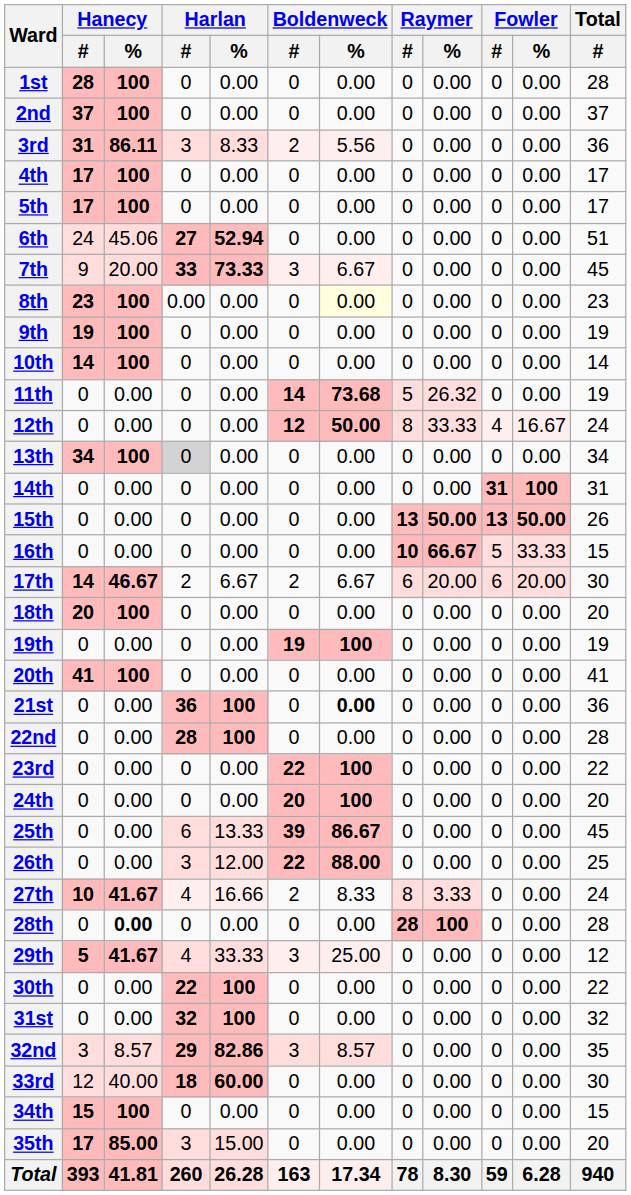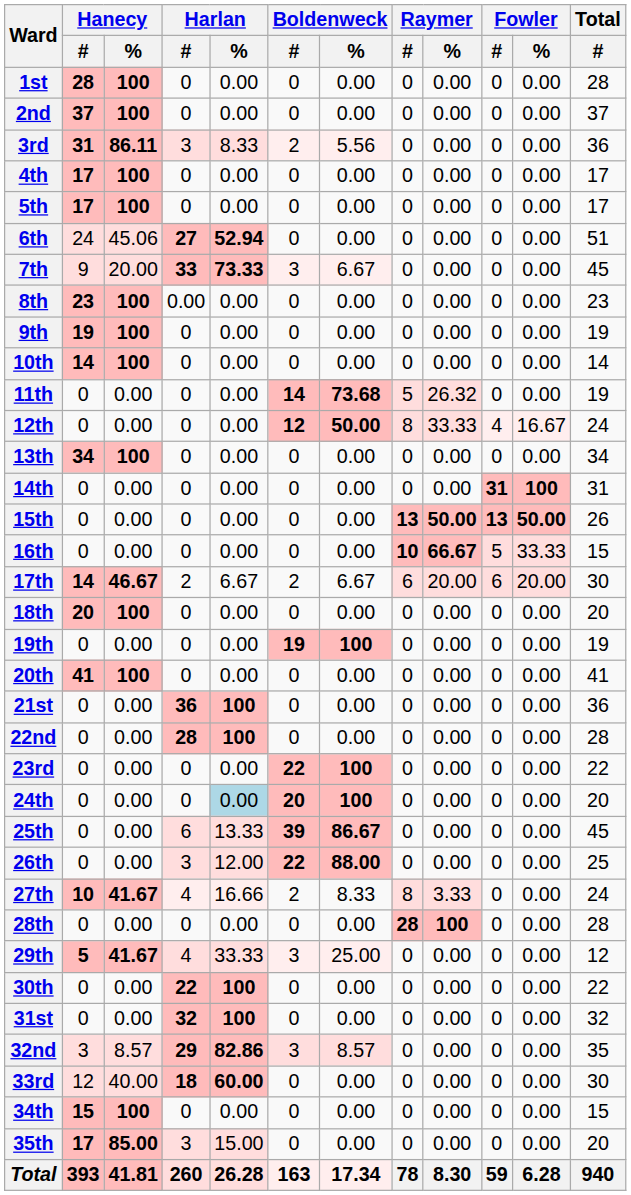 <table class="wikitable mw-collapsible mw-collapsed" style="text-align: center">
 <tr>
 <th rowspan=2>Ward</th>
 <th colspan=2><a href='#'>Hanecy</a></th>
 <th colspan=2><a href='#'>Harlan</a></th>
 <th colspan=2><a href='#'>Boldenweck</a></th>
 <th colspan=2><a href='#'>Raymer</a></th>
 <th colspan=2><a href='#'>Fowler</a></th>
 <th>Total</th>
 </tr>
 <tr>
 <th>#</th>
 <th>%</th>
 <th>#</th>
 <th>%</th>
 <th>#</th>
 <th>%</th>
 <th>#</th>
 <th>%</th>
 <th>#</th>
 <th>%</th>
 <th>#</th>
 </tr>
 <tr>
 <th><a href='#'>1st</a></th>
 <td style="background:#fbb;"><strong>28</strong></td>
 <td style="background:#fbb;"><strong>100</strong></td>
 <td>0</td>
 <td>0.00</td>
 <td>0</td>
 <td>0.00</td>
 <td>0</td>
 <td>0.00</td>
 <td>0</td>
 <td>0.00</td>
 <td>28</td>
 </tr>
 <tr>
 <th><a href='#'>2nd</a></th>
 <td style="background:#fbb;"><strong>37</strong></td>
 <td style="background:#fbb;"><strong>100</strong></td>
 <td>0</td>
 <td>0.00</td>
 <td>0</td>
 <td>0.00</td>
 <td>0</td>
 <td>0.00</td>
 <td>0</td>
 <td>0.00</td>
 <td>37</td>
 </tr>
 <tr>
 <th><a href='#'>3rd</a></th>
 <td style="background:#fbb;"><strong>31</strong></td>
 <td style="background:#fbb;"><strong>86.11</strong></td>
 <td style="background:#fdd;">3</td>
 <td style="background:#fdd;">8.33</td>
 <td style="background:#fee;">2</td>
 <td style="background:#fee;">5.56</td>
 <td>0</td>
 <td>0.00</td>
 <td>0</td>
 <td>0.00</td>
 <td>36</td>
 </tr>
 <tr>
 <th><a href='#'>4th</a></th>
 <td style="background:#fbb;"><strong>17</strong></td>
 <td style="background:#fbb;"><strong>100</strong></td>
 <td>0</td>
 <td>0.00</td>
 <td>0</td>
 <td>0.00</td>
 <td>0</td>
 <td>0.00</td>
 <td>0</td>
 <td>0.00</td>
 <td>17</td>
 </tr>
 <tr>
 <th><a href='#'>5th</a></th>
 <td style="background:#fbb;"><strong>17</strong></td>
 <td style="background:#fbb;"><strong>100</strong></td>
 <td>0</td>
 <td>0.00</td>
 <td>0</td>
 <td>0.00</td>
 <td>0</td>
 <td>0.00</td>
 <td>0</td>
 <td>0.00</td>
 <td>17</td>
 </tr>
 <tr>
 <th><a href='#'>6th</a></th>
 <td style="background:#fdd;">24</td>
 <td style="background:#fdd;">45.06</td>
 <td style="background:#fbb;"><strong>27</strong></td>
 <td style="background:#fbb;"><strong>52.94</strong></td>
 <td>0</td>
 <td>0.00</td>
 <td>0</td>
 <td>0.00</td>
 <td>0</td>
 <td>0.00</td>
 <td>51</td>
 </tr>
 <tr>
 <th><a href='#'>7th</a></th>
 <td style="background:#fdd;">9</td>
 <td style="background:#fdd;">20.00</td>
 <td style="background:#fbb;"><strong>33</strong></td>
 <td style="background:#fbb;"><strong>73.33</strong></td>
 <td style="background:#fee;">3</td>
 <td style="background:#fee;">6.67</td>
 <td>0</td>
 <td>0.00</td>
 <td>0</td>
 <td>0.00</td>
 <td>45</td>
 </tr>
 <tr>
 <th><a href='#'>8th</a></th>
 <td style="background:#fbb;"><strong>23</strong></td>
 <td style="background:#fbb;"><strong>100</strong></td>
 <td>0.00</td>
 <td>0.00</td>
 <td>0</td>
-<td style="background: lightyellow;">0.00</td>
+<td>0.00</td>
 <td>0</td>
 <td>0.00</td>
 <td>0</td>
 <td>0.00</td>
 <td>23</td>
 </tr>
 <tr>
 <th><a href='#'>9th</a></th>
 <td style="background:#fbb;"><strong>19</strong></td>
 <td style="background:#fbb;"><strong>100</strong></td>
 <td>0</td>
 <td>0.00</td>
 <td>0</td>
 <td>0.00</td>
 <td>0</td>
 <td>0.00</td>
 <td>0</td>
 <td>0.00</td>
 <td>19</td>
 </tr>
 <tr>
 <th><a href='#'>10th</a></th>
 <td style="background:#fbb;"><strong>14</strong></td>
 <td style="background:#fbb;"><strong>100</strong></td>
 <td>0</td>
 <td>0.00</td>
 <td>0</td>
 <td>0.00</td>
 <td>0</td>
 <td>0.00</td>
 <td>0</td>
 <td>0.00</td>
 <td>14</td>
 </tr>
 <tr>
 <th><a href='#'>11th</a></th>
 <td>0</td>
 <td>0.00</td>
 <td>0</td>
 <td>0.00</td>
 <td style="background:#fbb;"><strong>14</strong></td>
 <td style="background:#fbb;"><strong>73.68</strong></td>
 <td style="background:#fdd;">5</td>
 <td style="background:#fdd;">26.32</td>
 <td>0</td>
 <td>0.00</td>
 <td>19</td>
 </tr>
 <tr>
 <th><a href='#'>12th</a></th>
 <td>0</td>
 <td>0.00</td>
 <td>0</td>
 <td>0.00</td>
 <td style="background:#fbb;"><strong>12</strong></td>
 <td style="background:#fbb;"><strong>50.00</strong></td>
 <td style="background:#fdd;">8</td>
 <td style="background:#fdd;">33.33</td>
 <td style="background:#fee;">4</td>
 <td style="background:#fee;">16.67</td>
 <td>24</td>
 </tr>
 <tr>
 <th><a href='#'>13th</a></th>
 <td style="background:#fbb;"><strong>34</strong></td>
 <td style="background:#fbb;"><strong>100</strong></td>
-<td style="background: lightgrey;">0</td>
+<td>0</td>
 <td>0.00</td>
 <td>0</td>
 <td>0.00</td>
 <td>0</td>
 <td>0.00</td>
 <td>0</td>
 <td>0.00</td>
 <td>34</td>
 </tr>
 <tr>
 <th><a href='#'>14th</a></th>
 <td>0</td>
 <td>0.00</td>
 <td>0</td>
 <td>0.00</td>
 <td>0</td>
 <td>0.00</td>
 <td>0</td>
 <td>0.00</td>
 <td style="background:#fbb;"><strong>31</strong></td>
 <td style="background:#fbb;"><strong>100</strong></td>
 <td>31</td>
 </tr>
 <tr>
 <th><a href='#'>15th</a></th>
 <td>0</td>
 <td>0.00</td>
 <td>0</td>
 <td>0.00</td>
 <td>0</td>
 <td>0.00</td>
 <td style="background:#fbb;"><strong>13</strong></td>
 <td style="background:#fbb;"><strong>50.00</strong></td>
 <td style="background:#fbb;"><strong>13</strong></td>
 <td style="background:#fbb;"><strong>50.00</strong></td>
 <td>26</td>
 </tr>
 <tr>
 <th><a href='#'>16th</a></th>
 <td>0</td>
 <td>0.00</td>
 <td>0</td>
 <td>0.00</td>
 <td>0</td>
 <td>0.00</td>
 <td style="background:#fbb;"><strong>10</strong></td>
 <td style="background:#fbb;"><strong>66.67</strong></td>
 <td style="background:#fdd;">5</td>
 <td style="background:#fdd;">33.33</td>
 <td>15</td>
 </tr>
 <tr>
 <th><a href='#'>17th</a></th>
 <td style="background:#fbb;"><strong>14</strong></td>
 <td style="background:#fbb;"><strong>46.67</strong></td>
 <td>2</td>
 <td>6.67</td>
 <td>2</td>
 <td>6.67</td>
 <td style="background:#fdd;">6</td>
 <td style="background:#fdd;">20.00</td>
 <td style="background:#fdd;">6</td>
 <td style="background:#fdd;">20.00</td>
 <td>30</td>
 </tr>
 <tr>
 <th><a href='#'>18th</a></th>
 <td style="background:#fbb;"><strong>20</strong></td>
 <td style="background:#fbb;"><strong>100</strong></td>
 <td>0</td>
 <td>0.00</td>
 <td>0</td>
 <td>0.00</td>
 <td>0</td>
 <td>0.00</td>
 <td>0</td>
 <td>0.00</td>
 <td>20</td>
 </tr>
 <tr>
 <th><a href='#'>19th</a></th>
 <td>0</td>
 <td>0.00</td>
 <td>0</td>
 <td>0.00</td>
 <td style="background:#fbb;"><strong>19</strong></td>
 <td style="background:#fbb;"><strong>100</strong></td>
 <td>0</td>
 <td>0.00</td>
 <td>0</td>
 <td>0.00</td>
 <td>19</td>
 </tr>
 <tr>
 <th><a href='#'>20th</a></th>
 <td style="background:#fbb;"><strong>41</strong></td>
 <td style="background:#fbb;"><strong>100</strong></td>
 <td>0</td>
 <td>0.00</td>
 <td>0</td>
 <td>0.00</td>
 <td>0</td>
 <td>0.00</td>
 <td>0</td>
 <td>0.00</td>
 <td>41</td>
 </tr>
 <tr>
 <th><a href='#'>21st</a></th>
 <td>0</td>
 <td>0.00</td>
 <td style="background:#fbb;"><strong>36</strong></td>
 <td style="background:#fbb;"><strong>100</strong></td>
 <td>0</td>
-<td><strong>0.00</strong></td>
+<td>0.00</td>
 <td>0</td>
 <td>0.00</td>
 <td>0</td>
 <td>0.00</td>
 <td>36</td>
 </tr>
 <tr>
 <th><a href='#'>22nd</a></th>
 <td>0</td>
 <td>0.00</td>
 <td style="background:#fbb;"><strong>28</strong></td>
 <td style="background:#fbb;"><strong>100</strong></td>
 <td>0</td>
 <td>0.00</td>
 <td>0</td>
 <td>0.00</td>
 <td>0</td>
 <td>0.00</td>
 <td>28</td>
 </tr>
 <tr>
 <th><a href='#'>23rd</a></th>
 <td>0</td>
 <td>0.00</td>
 <td>0</td>
 <td>0.00</td>
 <td style="background:#fbb;"><strong>22</strong></td>
 <td style="background:#fbb;"><strong>100</strong></td>
 <td>0</td>
 <td>0.00</td>
 <td>0</td>
 <td>0.00</td>
 <td>22</td>
 </tr>
 <tr>
 <th><a href='#'>24th</a></th>
 <td>0</td>
 <td>0.00</td>
 <td>0</td>
-<td>0.00</td>
+<td style="background: lightblue;">0.00</td>
 <td style="background:#fbb;"><strong>20</strong></td>
 <td style="background:#fbb;"><strong>100</strong></td>
 <td>0</td>
 <td>0.00</td>
 <td>0</td>
 <td>0.00</td>
 <td>20</td>
 </tr>
 <tr>
 <th><a href='#'>25th</a></th>
 <td>0</td>
 <td>0.00</td>
 <td style="background:#fdd;">6</td>
 <td style="background:#fdd;">13.33</td>
 <td style="background:#fbb;"><strong>39</strong></td>
 <td style="background:#fbb;"><strong>86.67</strong></td>
 <td>0</td>
 <td>0.00</td>
 <td>0</td>
 <td>0.00</td>
 <td>45</td>
 </tr>
 <tr>
 <th><a href='#'>26th</a></th>
 <td>0</td>
 <td>0.00</td>
 <td style="background:#fdd;">3</td>
 <td style="background:#fdd;">12.00</td>
 <td style="background:#fbb;"><strong>22</strong></td>
 <td style="background:#fbb;"><strong>88.00</strong></td>
 <td>0</td>
 <td>0.00</td>
 <td>0</td>
 <td>0.00</td>
 <td>25</td>
 </tr>
 <tr>
 <th><a href='#'>27th</a></th>
 <td style="background:#fbb;"><strong>10</strong></td>
 <td style="background:#fbb;"><strong>41.67</strong></td>
 <td style="background:#fee;">4</td>
 <td style="background:#fee;">16.66</td>
 <td>2</td>
 <td>8.33</td>
 <td style="background:#fdd;">8</td>
 <td style="background:#fdd;">3.33</td>
 <td>0</td>
 <td>0.00</td>
 <td>24</td>
 </tr>
 <tr>
 <th><a href='#'>28th</a></th>
 <td>0</td>
-<td><strong>0.00</strong></td>
+<td>0.00</td>
 <td>0</td>
 <td>0.00</td>
 <td>0</td>
 <td>0.00</td>
 <td style="background:#fbb;"><strong>28</strong></td>
 <td style="background:#fbb;"><strong>100</strong></td>
 <td>0</td>
 <td>0.00</td>
 <td>28</td>
 </tr>
 <tr>
 <th><a href='#'>29th</a></th>
 <td style="background:#fbb;"><strong>5</strong></td>
 <td style="background:#fbb;"><strong>41.67</strong></td>
 <td style="background:#fdd;">4</td>
 <td style="background:#fdd;">33.33</td>
 <td style="background:#fee;">3</td>
 <td style="background:#fee;">25.00</td>
 <td>0</td>
 <td>0.00</td>
 <td>0</td>
 <td>0.00</td>
 <td>12</td>
 </tr>
 <tr>
 <th><a href='#'>30th</a></th>
 <td>0</td>
 <td>0.00</td>
 <td style="background:#fbb;"><strong>22</strong></td>
 <td style="background:#fbb;"><strong>100</strong></td>
 <td>0</td>
 <td>0.00</td>
 <td>0</td>
 <td>0.00</td>
 <td>0</td>
 <td>0.00</td>
 <td>22</td>
 </tr>
 <tr>
 <th><a href='#'>31st</a></th>
 <td>0</td>
 <td>0.00</td>
 <td style="background:#fbb;"><strong>32</strong></td>
 <td style="background:#fbb;"><strong>100</strong></td>
 <td>0</td>
 <td>0.00</td>
 <td>0</td>
 <td>0.00</td>
 <td>0</td>
 <td>0.00</td>
 <td>32</td>
 </tr>
 <tr>
 <th><a href='#'>32nd</a></th>
 <td style="background:#fdd;">3</td>
 <td style="background:#fdd;">8.57</td>
 <td style="background:#fbb;"><strong>29</strong></td>
 <td style="background:#fbb;"><strong>82.86</strong></td>
 <td style="background:#fdd;">3</td>
 <td style="background:#fdd;">8.57</td>
 <td>0</td>
 <td>0.00</td>
 <td>0</td>
 <td>0.00</td>
 <td>35</td>
 </tr>
 <tr>
 <th><a href='#'>33rd</a></th>
 <td style="background:#fdd;">12</td>
 <td style="background:#fdd;">40.00</td>
 <td style="background:#fbb;"><strong>18</strong></td>
 <td style="background:#fbb;"><strong>60.00</strong></td>
 <td>0</td>
 <td>0.00</td>
 <td>0</td>
 <td>0.00</td>
 <td>0</td>
 <td>0.00</td>
 <td>30</td>
 </tr>
 <tr>
 <th><a href='#'>34th</a></th>
 <td style="background:#fbb;"><strong>15</strong></td>
 <td style="background:#fbb;"><strong>100</strong></td>
 <td>0</td>
 <td>0.00</td>
 <td>0</td>
 <td>0.00</td>
 <td>0</td>
 <td>0.00</td>
 <td>0</td>
 <td>0.00</td>
 <td>15</td>
 </tr>
 <tr>
 <th><a href='#'>35th</a></th>
 <td style="background:#fbb;"><strong>17</strong></td>
 <td style="background:#fbb;"><strong>85.00</strong></td>
 <td style="background:#fdd;">3</td>
 <td style="background:#fdd;">15.00</td>
 <td>0</td>
 <td>0.00</td>
 <td>0</td>
 <td>0.00</td>
 <td>0</td>
 <td>0.00</td>
 <td>20</td>
 </tr>
 <tr>
 <th><em>Total</em></th>
 <th style="background:#fbb;">393</th>
 <th style="background:#fbb;">41.81</th>
 <th style="background:#fdd;">260</th>
 <th style="background:#fdd;">26.28</th>
 <th style="background:#fee;">163</th>
 <th style="background:#fee;">17.34</th>
 <th>78</th>
 <th>8.30</th>
 <th>59</th>
 <th>6.28</th>
 <th>940</th>
 </tr>
 </table>
